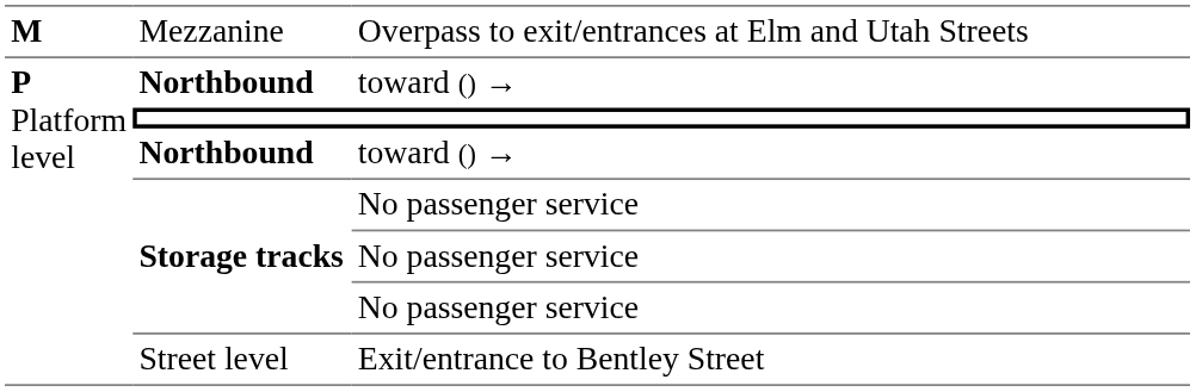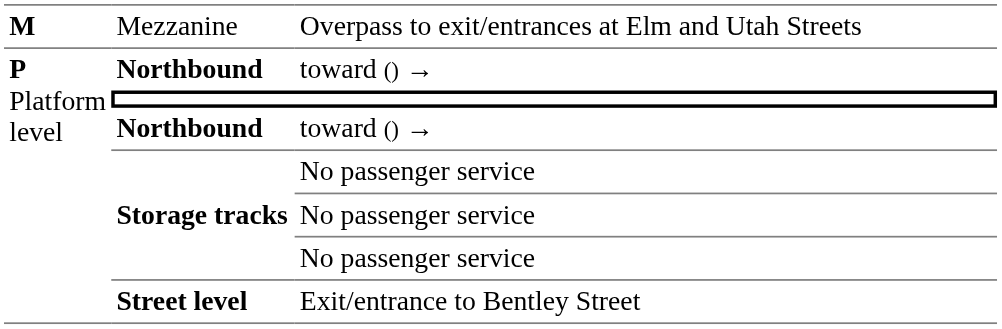 <table border=0 cellspacing=0 cellpadding=3>
 <tr>
 <td style="border-top:solid 1px gray;border-bottom:solid 1px gray;" width=50><strong>M</strong></td>
 <td style="border-top:solid 1px gray;border-bottom:solid 1px gray;" width=100>Mezzanine</td>
 <td style="border-top:solid 1px gray;border-bottom:solid 1px gray;" width=400>Overpass to exit/entrances at Elm and Utah Streets</td>
 </tr>
 <tr>
 <td style="border-bottom:solid 1px gray;" rowspan=7 valign=top><strong>P</strong><br>Platform level</td>
 <td><span><strong>Northbound</strong></span></td>
 <td> toward  <small>()</small> →</td>
 </tr>
 <tr>
 <td style="border-top:solid 2px black;border-right:solid 2px black;border-left:solid 2px black;border-bottom:solid 2px black;text-align:center;" colspan=2></td>
 </tr>
 <tr>
 <td style="border-bottom:solid 1px gray;"><span><strong>Northbound</strong></span></td>
 <td style="border-bottom:solid 1px gray;"> toward  <small>()</small> →</td>
 </tr>
 <tr>
 <td style="border-bottom:solid 1px gray;" rowspan=3><strong>Storage tracks</strong></td>
 <td style="border-bottom:solid 1px gray;">No passenger service</td>
 </tr>
 <tr>
 <td style="border-bottom:solid 1px gray;">No passenger service</td>
 </tr>
 <tr>
 <td style="border-bottom:solid 1px gray;">No passenger service</td>
 </tr>
 <tr>
-<td style="border-bottom:solid 1px gray;">Street level</td>
+<td style="border-bottom:solid 1px gray;"><strong>Street level</strong></td>
 <td style="border-bottom:solid 1px gray;">Exit/entrance to Bentley Street<br></td>
 </tr>
 </table>
